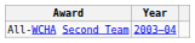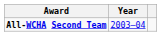 <table class="wikitable">
 <tr>
 <th>Award</th>
 <th>Year</th>
 <th> </th>
 </tr>
 <tr>
-<td>All-<a href='#'>WCHA</a> <a href='#'>Second Team</a></td>
+<td><strong>All-<a href='#'>WCHA</a> <a href='#'>Second Team</a></strong></td>
 <td><a href='#'>2003–04</a></td>
 <td></td>
 </tr>
 </table>
